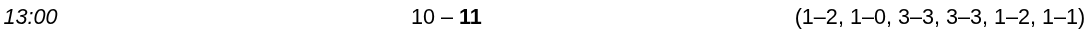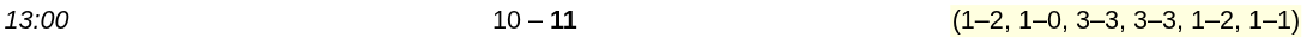 <table style="text-align:center">
 <tr>
 <th width=100></th>
 <th width=200></th>
 <th width=100></th>
 <th width=200></th>
 </tr>
 <tr>
 <td><em>13:00</em></td>
 <td align=right></td>
 <td>10 – <strong>11</strong></td>
 <td align=left><strong></strong></td>
-<td>(1–2, 1–0, 3–3, 3–3, 1–2, 1–1)</td>
+<td style="background: lightyellow;">(1–2, 1–0, 3–3, 3–3, 1–2, 1–1)</td>
 </tr>
 </table>
